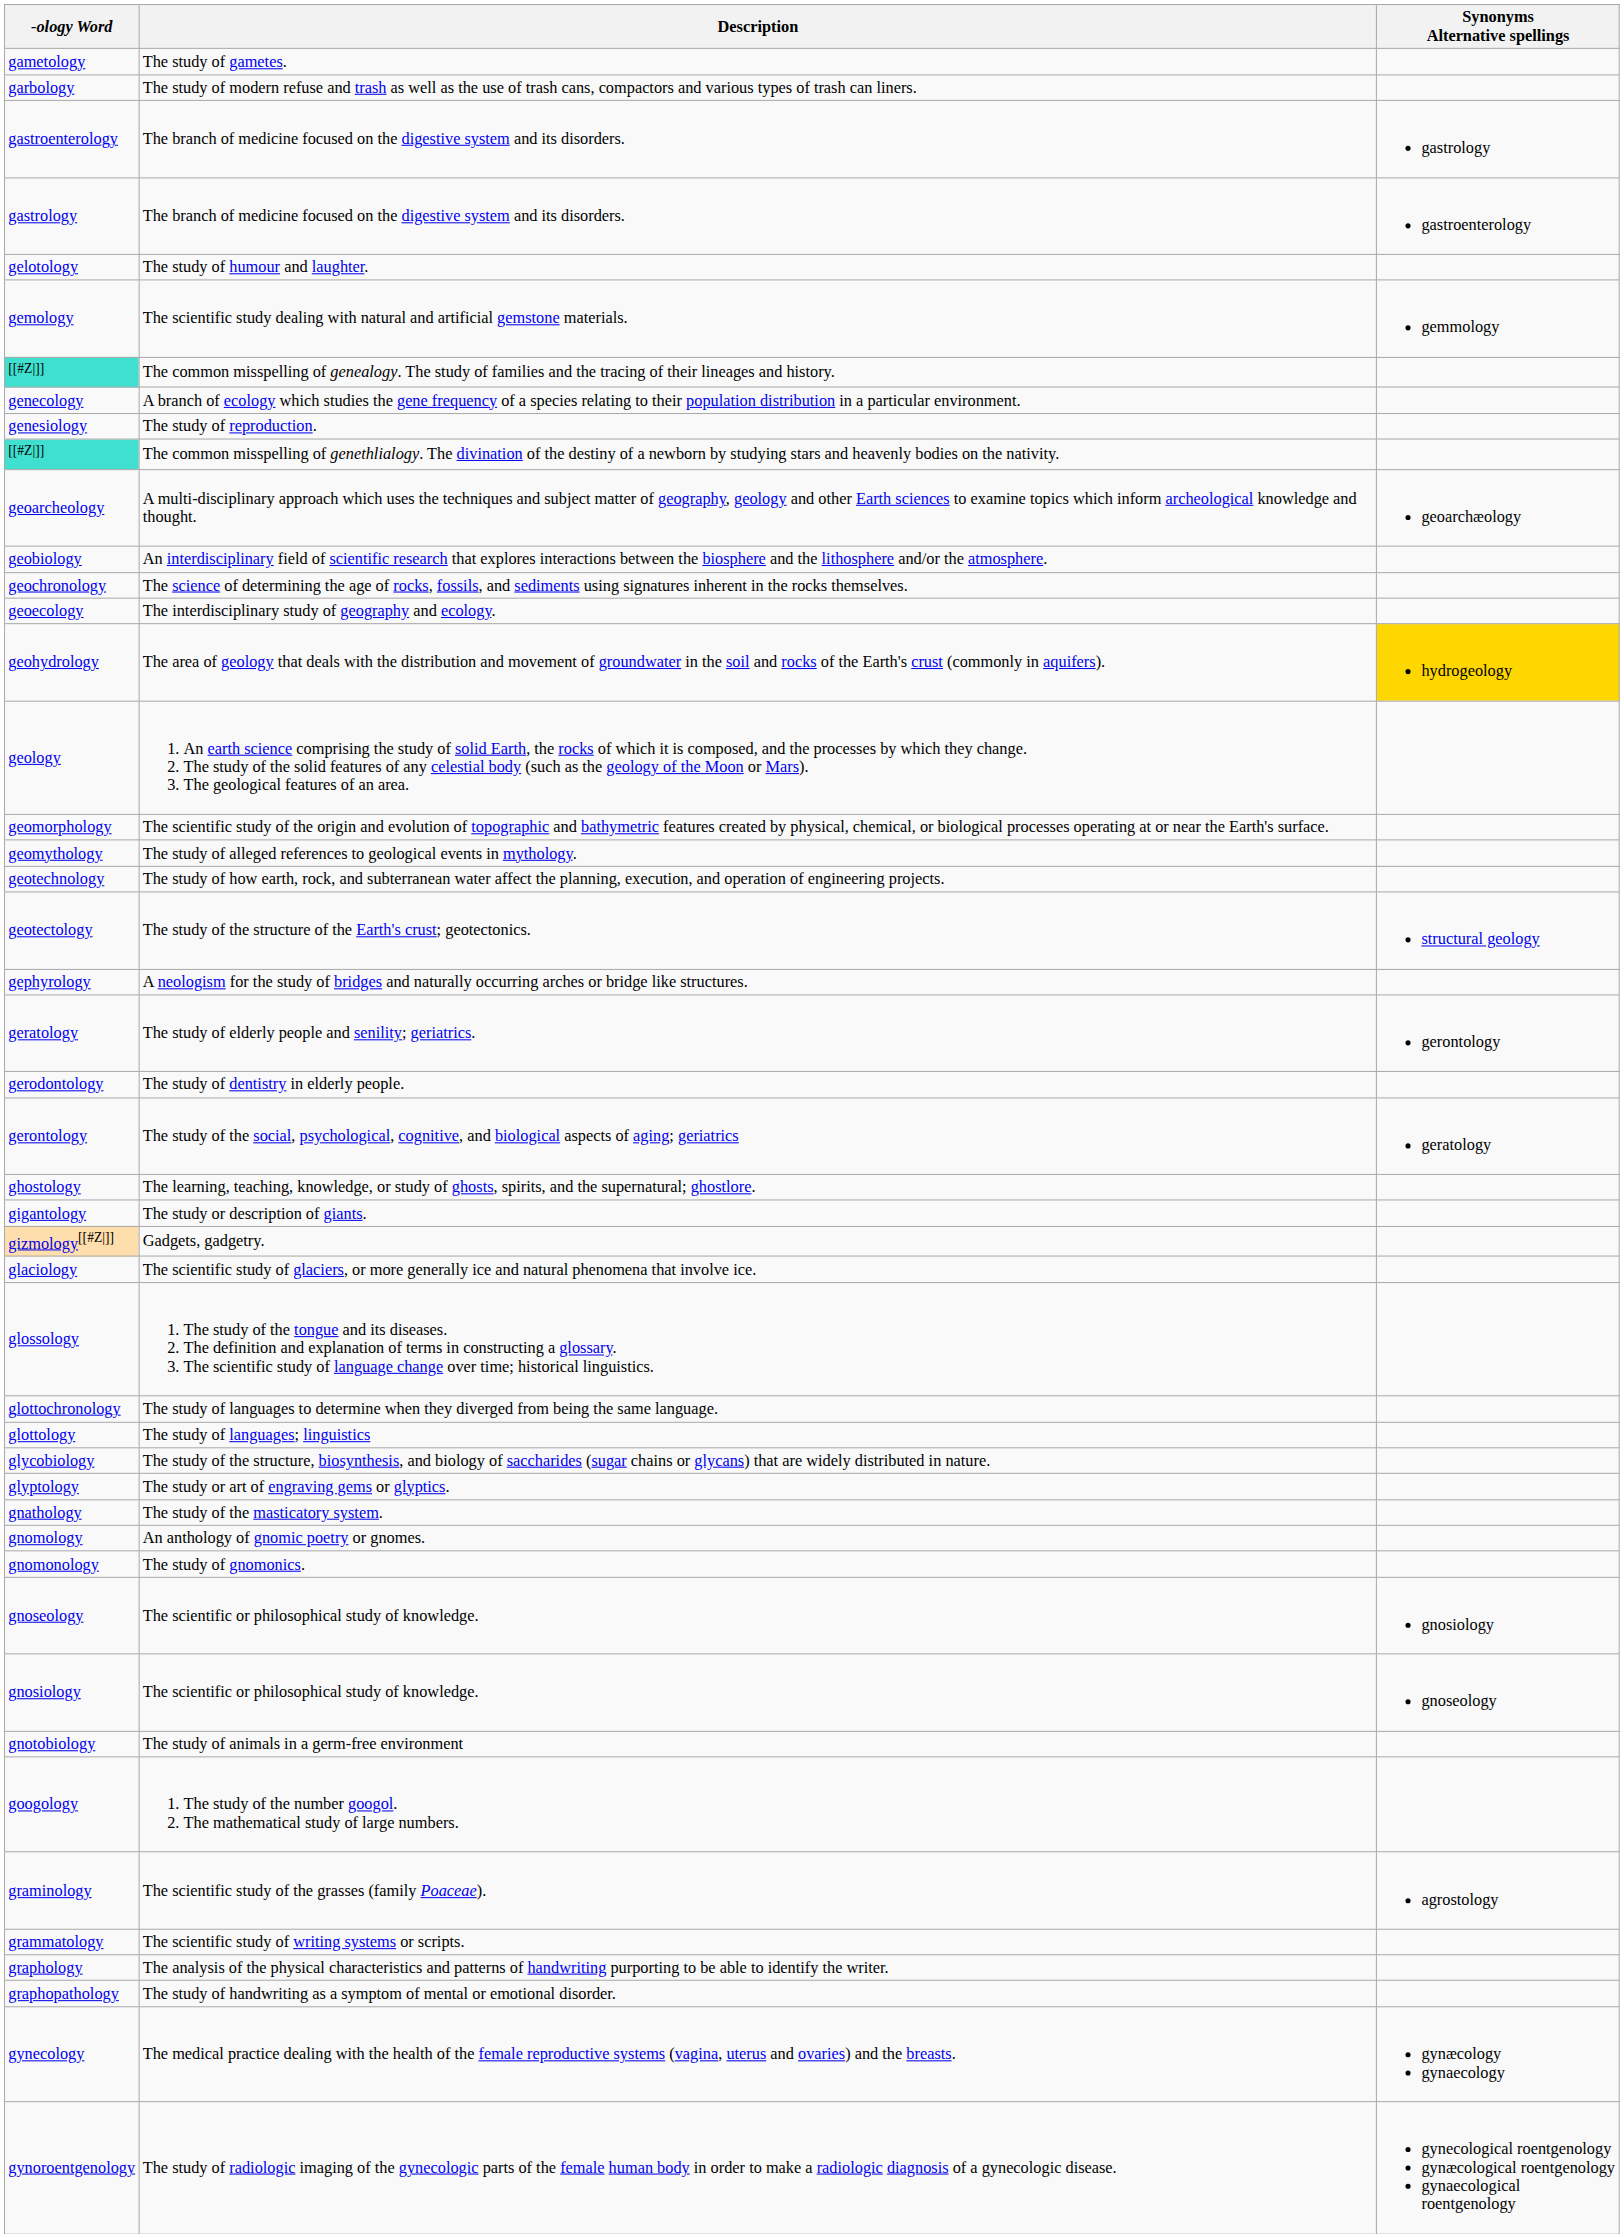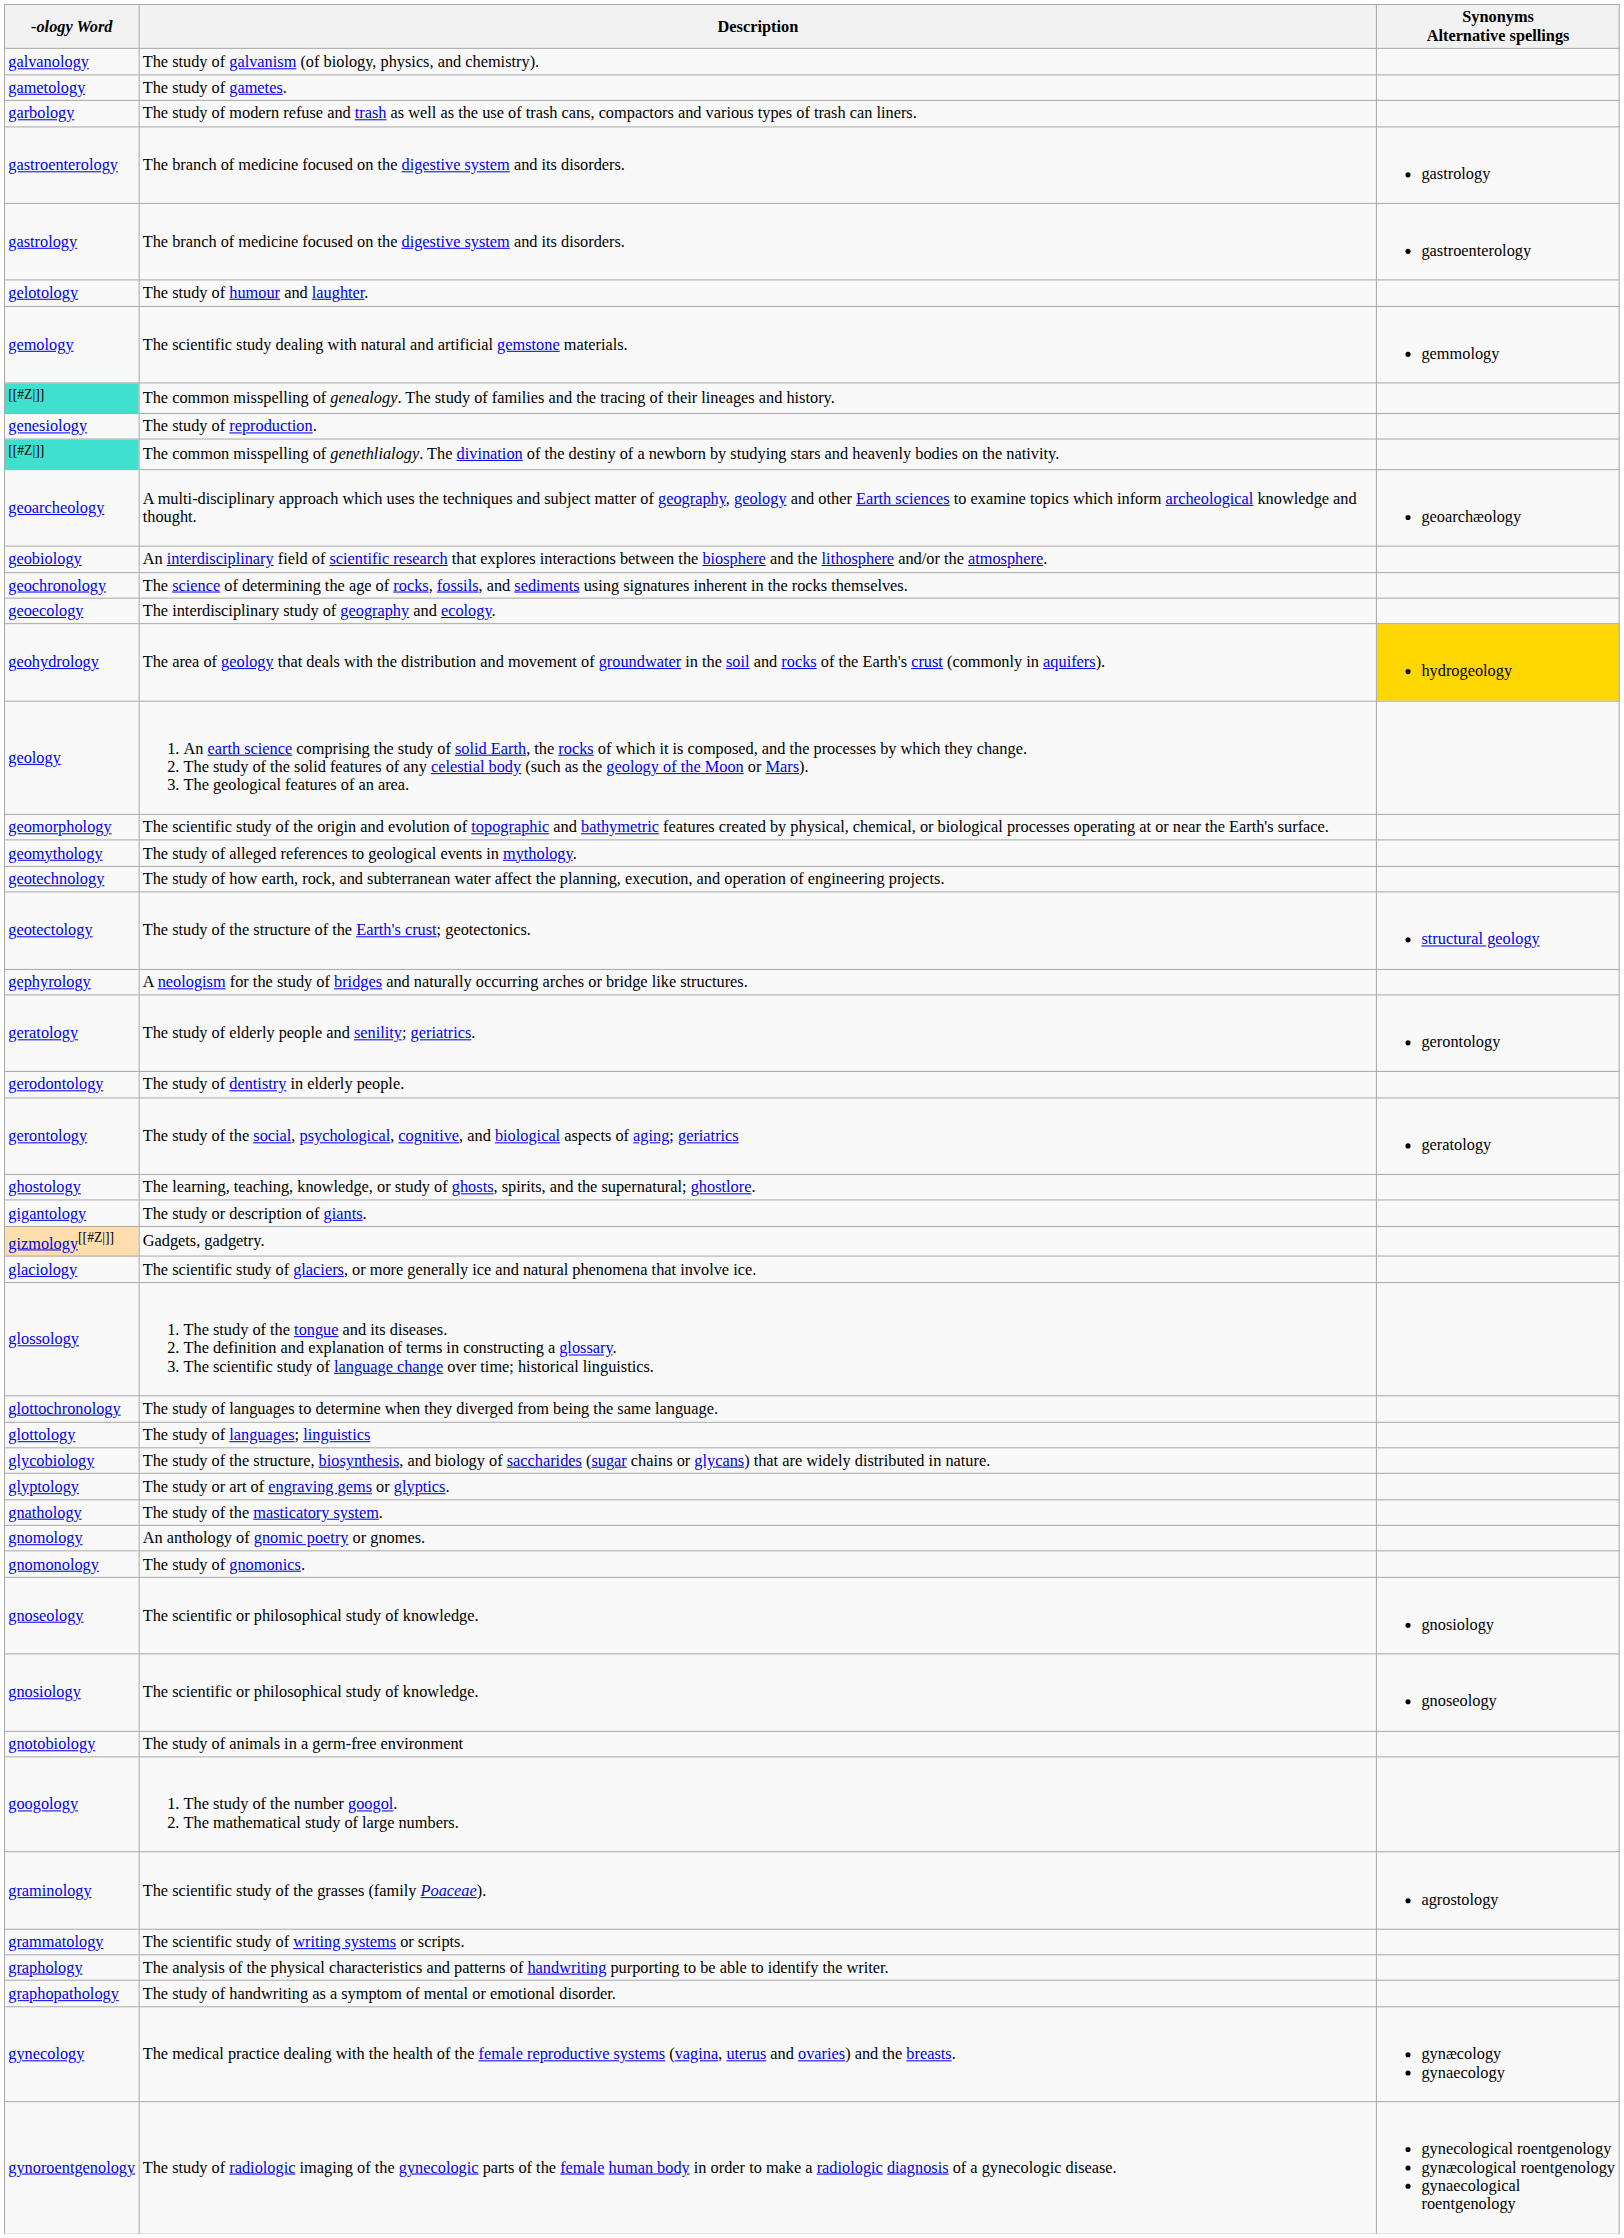 <table class="wikitable" style="width:100%;">
 <tr>
 <th><em>-ology Word</em></th>
 <th>Description</th>
 <th>Synonyms<br>Alternative spellings</th>
+</tr>
+<tr>
+<td><a href='#'>galvanology</a></td>
+<td>The study of <a href='#'>galvanism</a> (of biology, physics, and chemistry).</td>
+<td></td>
 </tr>
 <tr>
 <td><a href='#'>gametology</a></td>
 <td>The study of <a href='#'>gametes</a>.</td>
 <td></td>
 </tr>
 <tr>
 <td><a href='#'>garbology</a></td>
 <td>The study of modern refuse and <a href='#'>trash</a> as well as the use of trash cans, compactors and various types of trash can liners.</td>
 <td></td>
 </tr>
 <tr>
 <td><a href='#'>gastroenterology</a></td>
 <td>The branch of medicine focused on the <a href='#'>digestive system</a> and its disorders.</td>
 <td><br><ul><li>gastrology</li></ul></td>
 </tr>
 <tr>
 <td><a href='#'>gastrology</a></td>
 <td>The branch of medicine focused on the <a href='#'>digestive system</a> and its disorders.</td>
 <td><br><ul><li>gastroenterology</li></ul></td>
 </tr>
 <tr>
 <td><a href='#'>gelotology</a></td>
 <td>The study of <a href='#'>humour</a> and <a href='#'>laughter</a>.</td>
 <td></td>
 </tr>
 <tr>
 <td><a href='#'>gemology</a></td>
 <td>The scientific study dealing with natural and artificial <a href='#'>gemstone</a> materials.</td>
 <td><br><ul><li>gemmology</li></ul></td>
 </tr>
 <tr>
 <td style="background: #40e0d0"><a href='#'></a><sup>[[#Z|]]</sup></td>
 <td>The common misspelling of <em>genealogy</em>. The study of families and the tracing of their lineages and history.</td>
-<td></td>
-</tr>
-<tr>
-<td><a href='#'>genecology</a></td>
-<td>A branch of <a href='#'>ecology</a> which studies the <a href='#'>gene frequency</a> of a species relating to their <a href='#'>population distribution</a> in a particular environment.</td>
 <td></td>
 </tr>
 <tr>
 <td><a href='#'>genesiology</a></td>
 <td>The study of <a href='#'>reproduction</a>.</td>
 <td></td>
 </tr>
 <tr>
 <td style="background: #40e0d0"><a href='#'></a><sup>[[#Z|]]</sup></td>
 <td>The common misspelling of <em>genethlialogy</em>. The <a href='#'>divination</a> of the destiny of a newborn by studying stars and heavenly bodies on the nativity.</td>
 <td></td>
 </tr>
 <tr>
 <td><a href='#'>geoarcheology</a></td>
 <td>A multi-disciplinary approach which uses the techniques and subject matter of <a href='#'>geography</a>, <a href='#'>geology</a> and other <a href='#'>Earth sciences</a> to examine topics which inform <a href='#'>archeological</a> knowledge and thought.</td>
 <td><br><ul><li>geoarchæology</li></ul></td>
 </tr>
 <tr>
 <td><a href='#'>geobiology</a></td>
 <td>An <a href='#'>interdisciplinary</a> field of <a href='#'>scientific research</a> that explores interactions between the <a href='#'>biosphere</a> and the <a href='#'>lithosphere</a> and/or the <a href='#'>atmosphere</a>.</td>
 <td></td>
 </tr>
 <tr>
 <td><a href='#'>geochronology</a></td>
 <td>The <a href='#'>science</a> of determining the age of <a href='#'>rocks</a>, <a href='#'>fossils</a>, and <a href='#'>sediments</a> using signatures inherent in the rocks themselves.</td>
 <td></td>
 </tr>
 <tr>
 <td><a href='#'>geoecology</a></td>
 <td>The interdisciplinary study of <a href='#'>geography</a> and <a href='#'>ecology</a>.</td>
 <td></td>
 </tr>
 <tr>
 <td><a href='#'>geohydrology</a></td>
 <td>The area of <a href='#'>geology</a> that deals with the distribution and movement of <a href='#'>groundwater</a> in the <a href='#'>soil</a> and <a href='#'>rocks</a> of the Earth's <a href='#'>crust</a> (commonly in <a href='#'>aquifers</a>).</td>
 <td style="background: gold;"><br><ul><li>hydrogeology</li></ul></td>
 </tr>
 <tr>
 <td><a href='#'>geology</a></td>
 <td><br><ol><li>An <a href='#'>earth science</a> comprising the study of <a href='#'>solid Earth</a>, the <a href='#'>rocks</a> of which it is composed, and the processes by which they change.</li><li>The study of the solid features of any <a href='#'>celestial body</a> (such as the <a href='#'>geology of the Moon</a> or <a href='#'>Mars</a>).</li><li>The geological features of an area.</li></ol></td>
 <td></td>
 </tr>
 <tr>
 <td><a href='#'>geomorphology</a></td>
 <td>The scientific study of the origin and evolution of <a href='#'>topographic</a> and <a href='#'>bathymetric</a> features created by physical, chemical, or biological processes operating at or near the Earth's surface.</td>
 <td></td>
 </tr>
 <tr>
 <td><a href='#'>geomythology</a></td>
 <td>The study of alleged references to geological events in <a href='#'>mythology</a>.</td>
 <td></td>
 </tr>
 <tr>
 <td><a href='#'>geotechnology</a></td>
 <td>The study of how earth, rock, and subterranean water affect the planning, execution, and operation of engineering projects.</td>
 <td></td>
 </tr>
 <tr>
 <td><a href='#'>geotectology</a></td>
 <td>The study of the structure of the <a href='#'>Earth's crust</a>; geotectonics.</td>
 <td><br><ul><li><a href='#'>structural geology</a></li></ul></td>
 </tr>
 <tr>
 <td><a href='#'>gephyrology</a></td>
 <td>A  <a href='#'>neologism</a> for the study of <a href='#'>bridges</a> and naturally occurring arches or bridge like structures.</td>
 <td></td>
 </tr>
 <tr>
 <td><a href='#'>geratology</a></td>
 <td>The study of elderly people and <a href='#'>senility</a>; <a href='#'>geriatrics</a>.</td>
 <td><br><ul><li>gerontology</li></ul></td>
 </tr>
 <tr>
 <td><a href='#'>gerodontology</a></td>
 <td>The study of <a href='#'>dentistry</a> in elderly people.</td>
 <td></td>
 </tr>
 <tr>
 <td><a href='#'>gerontology</a></td>
 <td>The study of the <a href='#'>social</a>, <a href='#'>psychological</a>, <a href='#'>cognitive</a>, and <a href='#'>biological</a> aspects of <a href='#'>aging</a>; <a href='#'>geriatrics</a></td>
 <td><br><ul><li>geratology</li></ul></td>
 </tr>
 <tr>
 <td><a href='#'>ghostology</a></td>
 <td>The learning, teaching, knowledge, or study of <a href='#'>ghosts</a>, spirits, and the supernatural; <a href='#'>ghostlore</a>.</td>
 <td></td>
 </tr>
 <tr>
 <td><a href='#'>gigantology</a></td>
 <td>The study or description of <a href='#'>giants</a>.</td>
 <td></td>
 </tr>
 <tr>
 <td style="background: #ffdead"><a href='#'>gizmology</a><sup>[[#Z|]]</sup></td>
 <td>Gadgets, gadgetry.</td>
 <td></td>
 </tr>
 <tr>
 <td><a href='#'>glaciology</a></td>
 <td>The scientific study of <a href='#'>glaciers</a>, or more generally ice and natural phenomena that involve ice.</td>
 <td></td>
 </tr>
 <tr>
 <td><a href='#'>glossology</a></td>
 <td><br><ol><li>The study of the <a href='#'>tongue</a> and its diseases.</li><li>The definition and explanation of terms in constructing a <a href='#'>glossary</a>.</li><li>The scientific study of <a href='#'>language change</a> over time; historical linguistics.</li></ol></td>
 <td></td>
 </tr>
 <tr>
 <td><a href='#'>glottochronology</a></td>
 <td>The study of languages to determine when they diverged from being the same language.</td>
 <td></td>
 </tr>
 <tr>
 <td><a href='#'>glottology</a></td>
 <td>The study of <a href='#'>languages</a>; <a href='#'>linguistics</a></td>
 <td></td>
 </tr>
 <tr>
 <td><a href='#'>glycobiology</a></td>
 <td>The study of the structure, <a href='#'>biosynthesis</a>, and biology of <a href='#'>saccharides</a> (<a href='#'>sugar</a> chains or <a href='#'>glycans</a>) that are widely distributed in nature.</td>
 <td></td>
 </tr>
 <tr>
 <td><a href='#'>glyptology</a></td>
 <td>The study or art of <a href='#'>engraving gems</a> or <a href='#'>glyptics</a>.</td>
 <td></td>
 </tr>
 <tr>
 <td><a href='#'>gnathology</a></td>
 <td>The study of the <a href='#'>masticatory system</a>.</td>
 <td></td>
 </tr>
 <tr>
 <td><a href='#'>gnomology</a></td>
 <td>An anthology of <a href='#'>gnomic poetry</a> or gnomes.</td>
 <td></td>
 </tr>
 <tr>
 <td><a href='#'>gnomonology</a></td>
 <td>The study of <a href='#'>gnomonics</a>.</td>
 <td></td>
 </tr>
 <tr>
 <td><a href='#'>gnoseology</a></td>
 <td>The scientific or philosophical study of knowledge.</td>
 <td><br><ul><li>gnosiology</li></ul></td>
 </tr>
 <tr>
 <td><a href='#'>gnosiology</a></td>
 <td>The scientific or philosophical study of knowledge.</td>
 <td><br><ul><li>gnoseology</li></ul></td>
 </tr>
 <tr>
 <td><a href='#'>gnotobiology</a></td>
 <td>The study of animals in a germ-free environment</td>
 <td></td>
 </tr>
 <tr>
 <td><a href='#'>googology</a></td>
 <td><br><ol><li>The study of the number <a href='#'>googol</a>.</li><li>The mathematical study of large numbers.</li></ol></td>
 <td></td>
 </tr>
 <tr>
 <td><a href='#'>graminology</a></td>
 <td>The scientific study of the grasses (family <em><a href='#'>Poaceae</a></em>).</td>
 <td><br><ul><li>agrostology</li></ul></td>
 </tr>
 <tr>
 <td><a href='#'>grammatology</a></td>
 <td>The scientific study of <a href='#'>writing systems</a> or scripts.</td>
 <td></td>
 </tr>
 <tr>
 <td><a href='#'>graphology</a></td>
 <td>The analysis of the physical characteristics and patterns of <a href='#'>handwriting</a> purporting to be able to identify the writer.</td>
 <td></td>
 </tr>
 <tr>
 <td><a href='#'>graphopathology</a></td>
 <td>The study of handwriting as a symptom of mental or emotional disorder.</td>
 <td></td>
 </tr>
 <tr>
 <td><a href='#'>gynecology</a></td>
 <td>The medical practice dealing with the health of the <a href='#'>female reproductive systems</a> (<a href='#'>vagina</a>, <a href='#'>uterus</a> and <a href='#'>ovaries</a>) and the <a href='#'>breasts</a>.</td>
 <td><br><ul><li>gynæcology</li><li>gynaecology</li></ul></td>
 </tr>
 <tr>
 <td><a href='#'>gynoroentgenology</a></td>
 <td>The study of <a href='#'>radiologic</a> imaging of the <a href='#'>gynecologic</a> parts of the <a href='#'>female</a> <a href='#'>human body</a> in order to make a <a href='#'>radiologic</a> <a href='#'>diagnosis</a> of a gynecologic disease.</td>
 <td><br><ul><li>gynecological roentgenology</li><li>gynæcological roentgenology</li><li>gynaecological roentgenology</li></ul></td>
 </tr>
 </table>
